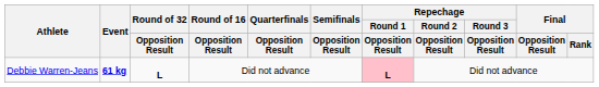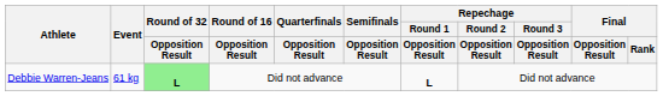 <table class="wikitable" style="font-size:90%">
 <tr>
 <th rowspan="3">Athlete</th>
 <th rowspan="3">Event</th>
 <th rowspan="2">Round of 32</th>
 <th rowspan="2">Round of 16</th>
 <th rowspan="2">Quarterfinals</th>
 <th rowspan="2">Semifinals</th>
 <th colspan=3>Repechage</th>
 <th rowspan="2" colspan=2>Final</th>
 </tr>
 <tr style="font-size:95%">
 <th>Round 1</th>
 <th>Round 2</th>
 <th>Round 3</th>
 </tr>
 <tr style="font-size:95%">
 <th>Opposition<br>Result</th>
 <th>Opposition<br>Result</th>
 <th>Opposition<br>Result</th>
 <th>Opposition<br>Result</th>
 <th>Opposition<br>Result</th>
 <th>Opposition<br>Result</th>
 <th>Opposition<br>Result</th>
 <th>Opposition<br>Result</th>
 <th>Rank</th>
 </tr>
 <tr align=center>
 <td align=left><a href='#'>Debbie Warren-Jeans</a></td>
-<td align=left><strong><a href='#'>61 kg</a></strong></td>
+<td align=left><a href='#'>61 kg</a></td>
+<td style="background: lightgreen;"><br><strong>L</strong></td>
+<td colspan=3>Did not advance</td>
 <td><br><strong>L</strong></td>
-<td colspan=3>Did not advance</td>
-<td style="background: pink;"><br><strong>L</strong></td>
 <td colspan=4>Did not advance</td>
 </tr>
 </table>
